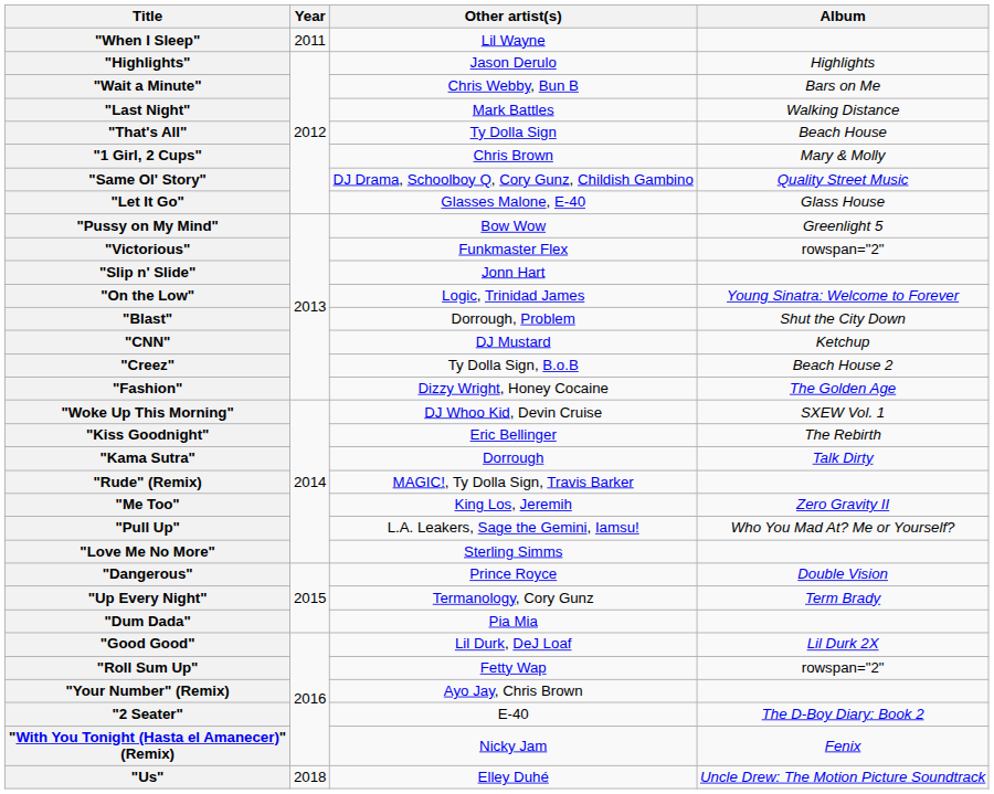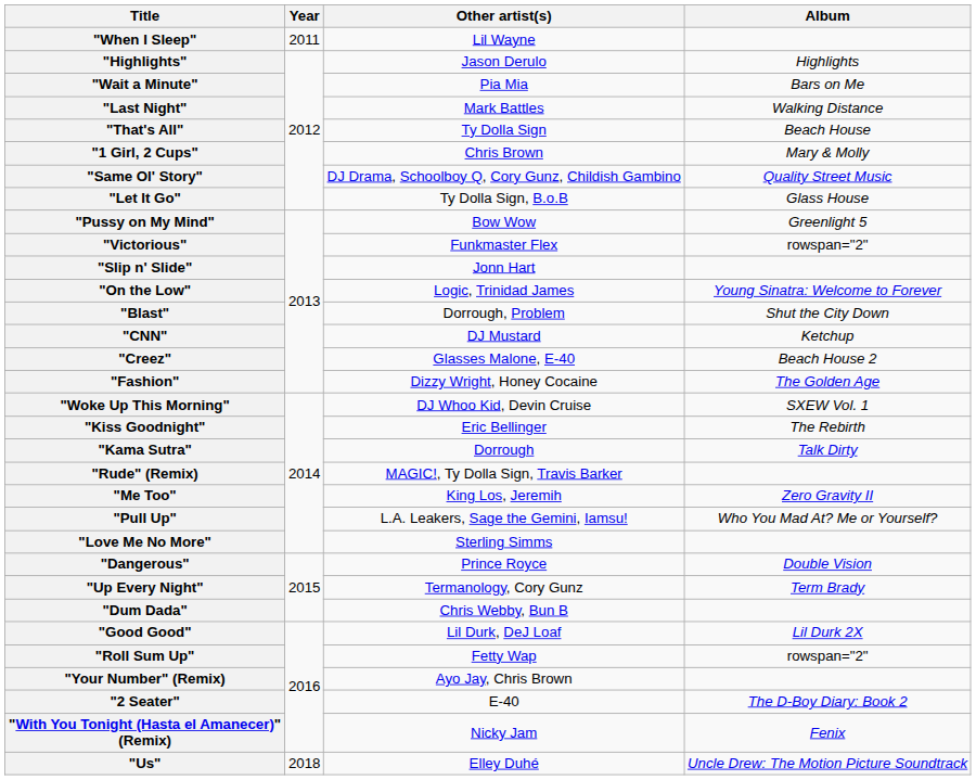 <table class="wikitable plainrowheaders" style="text-align:center;" border="1">
 <tr>
 <th scope="col" style="width:19em;">Title</th>
 <th scope="col">Year</th>
 <th scope="col">Other artist(s)</th>
 <th scope="col">Album</th>
 </tr>
 <tr>
 <th scope="row">"When I Sleep"</th>
 <td>2011</td>
 <td><a href='#'>Lil Wayne</a></td>
 <td></td>
 </tr>
 <tr>
 <th scope="row">"Highlights"</th>
 <td rowspan="7">2012</td>
 <td><a href='#'>Jason Derulo</a></td>
 <td><em>Highlights</em></td>
 </tr>
 <tr>
 <th scope="row">"Wait a Minute"</th>
-<td><a href='#'>Chris Webby</a>, <a href='#'>Bun B</a></td>
+<td><a href='#'>Pia Mia</a></td>
 <td><em>Bars on Me</em></td>
 </tr>
 <tr>
 <th scope="row">"Last Night"</th>
 <td><a href='#'>Mark Battles</a></td>
 <td><em>Walking Distance</em></td>
 </tr>
 <tr>
 <th scope="row">"That's All"</th>
 <td><a href='#'>Ty Dolla Sign</a></td>
 <td><em>Beach House</em></td>
 </tr>
 <tr>
 <th scope="row">"1 Girl, 2 Cups"</th>
 <td><a href='#'>Chris Brown</a></td>
 <td><em>Mary & Molly</em></td>
 </tr>
 <tr>
 <th scope="row">"Same Ol' Story"</th>
 <td><a href='#'>DJ Drama</a>, <a href='#'>Schoolboy Q</a>, <a href='#'>Cory Gunz</a>, <a href='#'>Childish Gambino</a></td>
 <td><em><a href='#'>Quality Street Music</a></em></td>
 </tr>
 <tr>
 <th scope="row">"Let It Go"</th>
-<td><a href='#'>Glasses Malone</a>, <a href='#'>E-40</a></td>
+<td>Ty Dolla Sign, <a href='#'>B.o.B</a></td>
 <td><em>Glass House</em></td>
 </tr>
 <tr>
 <th scope="row">"Pussy on My Mind"</th>
 <td rowspan="8">2013</td>
 <td><a href='#'>Bow Wow</a></td>
 <td><em>Greenlight 5</em></td>
 </tr>
 <tr>
 <th scope="row">"Victorious"</th>
 <td><a href='#'>Funkmaster Flex</a></td>
 <td>rowspan="2" </td>
 </tr>
 <tr>
 <th scope="row">"Slip n' Slide"</th>
 <td><a href='#'>Jonn Hart</a></td>
 <td></td>
 </tr>
 <tr>
 <th scope="row">"On the Low"</th>
 <td><a href='#'>Logic</a>, <a href='#'>Trinidad James</a></td>
 <td><em><a href='#'>Young Sinatra: Welcome to Forever</a></em></td>
 </tr>
 <tr>
 <th scope="row">"Blast"</th>
 <td>Dorrough, <a href='#'>Problem</a></td>
 <td><em>Shut the City Down</em></td>
 </tr>
 <tr>
 <th scope="row">"CNN"</th>
 <td><a href='#'>DJ Mustard</a></td>
 <td><em>Ketchup</em></td>
 </tr>
 <tr>
 <th scope="row">"Creez"</th>
-<td>Ty Dolla Sign, <a href='#'>B.o.B</a></td>
+<td><a href='#'>Glasses Malone</a>, <a href='#'>E-40</a></td>
 <td><em>Beach House 2</em></td>
 </tr>
 <tr>
 <th scope="row">"Fashion"</th>
 <td><a href='#'>Dizzy Wright</a>, Honey Cocaine</td>
 <td><em><a href='#'>The Golden Age</a></em></td>
 </tr>
 <tr>
 <th scope="row">"Woke Up This Morning"</th>
 <td rowspan="7">2014</td>
 <td><a href='#'>DJ Whoo Kid</a>, Devin Cruise</td>
 <td><em>SXEW Vol. 1</em></td>
 </tr>
 <tr>
 <th scope="row">"Kiss Goodnight"</th>
 <td><a href='#'>Eric Bellinger</a></td>
 <td><em>The Rebirth</em></td>
 </tr>
 <tr>
 <th scope="row">"Kama Sutra"</th>
 <td><a href='#'>Dorrough</a></td>
 <td><em><a href='#'>Talk Dirty</a></em></td>
 </tr>
 <tr>
 <th scope="row">"Rude" (Remix)</th>
 <td><a href='#'>MAGIC!</a>, Ty Dolla Sign, <a href='#'>Travis Barker</a></td>
 <td></td>
 </tr>
 <tr>
 <th scope="row">"Me Too"</th>
 <td><a href='#'>King Los</a>, <a href='#'>Jeremih</a></td>
 <td><em><a href='#'>Zero Gravity II</a></em></td>
 </tr>
 <tr>
 <th scope="row">"Pull Up"</th>
 <td>L.A. Leakers, <a href='#'>Sage the Gemini</a>, <a href='#'>Iamsu!</a></td>
 <td><em>Who You Mad At? Me or Yourself?</em></td>
 </tr>
 <tr>
 <th scope="row">"Love Me No More"</th>
 <td><a href='#'>Sterling Simms</a></td>
 </tr>
 <tr>
 <th scope="row">"Dangerous"</th>
 <td rowspan="3">2015</td>
 <td><a href='#'>Prince Royce</a></td>
 <td><em><a href='#'>Double Vision</a></em></td>
 </tr>
 <tr>
 <th scope= "row">"Up Every Night"</th>
 <td><a href='#'>Termanology</a>, Cory Gunz</td>
 <td><em><a href='#'>Term Brady</a></em></td>
 </tr>
 <tr>
 <th scope="row">"Dum Dada"</th>
-<td><a href='#'>Pia Mia</a></td>
+<td><a href='#'>Chris Webby</a>, <a href='#'>Bun B</a></td>
 <td></td>
 </tr>
 <tr>
 <th scope="row">"Good Good"</th>
 <td rowspan="5">2016</td>
 <td><a href='#'>Lil Durk</a>, <a href='#'>DeJ Loaf</a></td>
 <td><em><a href='#'>Lil Durk 2X</a></em></td>
 </tr>
 <tr>
 <th scope="row">"Roll Sum Up"</th>
 <td><a href='#'>Fetty Wap</a></td>
 <td>rowspan="2" </td>
 </tr>
 <tr>
 <th scope="row">"Your Number" (Remix)</th>
 <td><a href='#'>Ayo Jay</a>, Chris Brown</td>
 </tr>
 <tr>
 <th scope="row">"2 Seater"</th>
 <td>E-40</td>
 <td><em><a href='#'>The D-Boy Diary: Book 2</a></em></td>
 </tr>
 <tr>
 <th scope="row">"<a href='#'>With You Tonight (Hasta el Amanecer)</a>" (Remix)</th>
 <td><a href='#'>Nicky Jam</a></td>
 <td><em><a href='#'>Fenix</a></em></td>
 </tr>
 <tr>
 <th scope="row">"Us"</th>
 <td rowspan="1">2018</td>
 <td><a href='#'>Elley Duhé</a></td>
 <td><em><a href='#'>Uncle Drew: The Motion Picture Soundtrack</a></em></td>
 </tr>
 </table>
